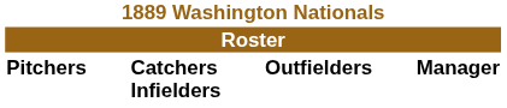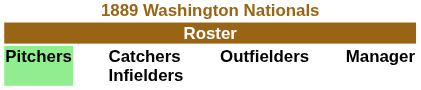 <table class="toccolours" style="font-size: 95%;">
 <tr>
 <th colspan="10" style="background-color: #white; color: #996515; text-align: center;">1889 Washington Nationals</th>
 </tr>
 <tr>
 <td colspan="10" style="background-color: #996515; color: white; text-align: center;"><strong>Roster</strong></td>
 </tr>
 <tr>
-<td valign="top"><strong>Pitchers</strong><br>       </td>
+<td valign="top" style="background: lightgreen;"><strong>Pitchers</strong><br>       </td>
 <td width="25px"></td>
 <td valign="top"><strong>Catchers</strong><br>      <strong>Infielders</strong>          </td>
 <td width="25px"></td>
 <td valign="top"><strong>Outfielders</strong><br>    </td>
 <td width="25px"></td>
 <td valign="top"><strong>Manager</strong><br> </td>
 </tr>
 </table>
